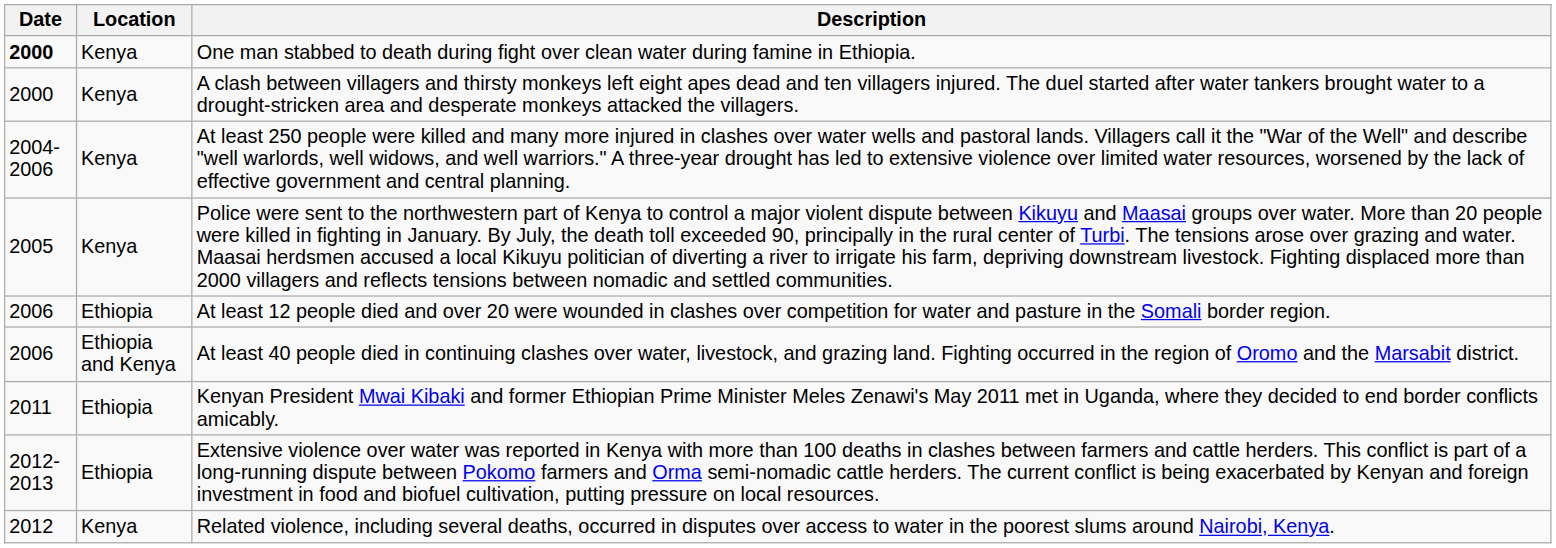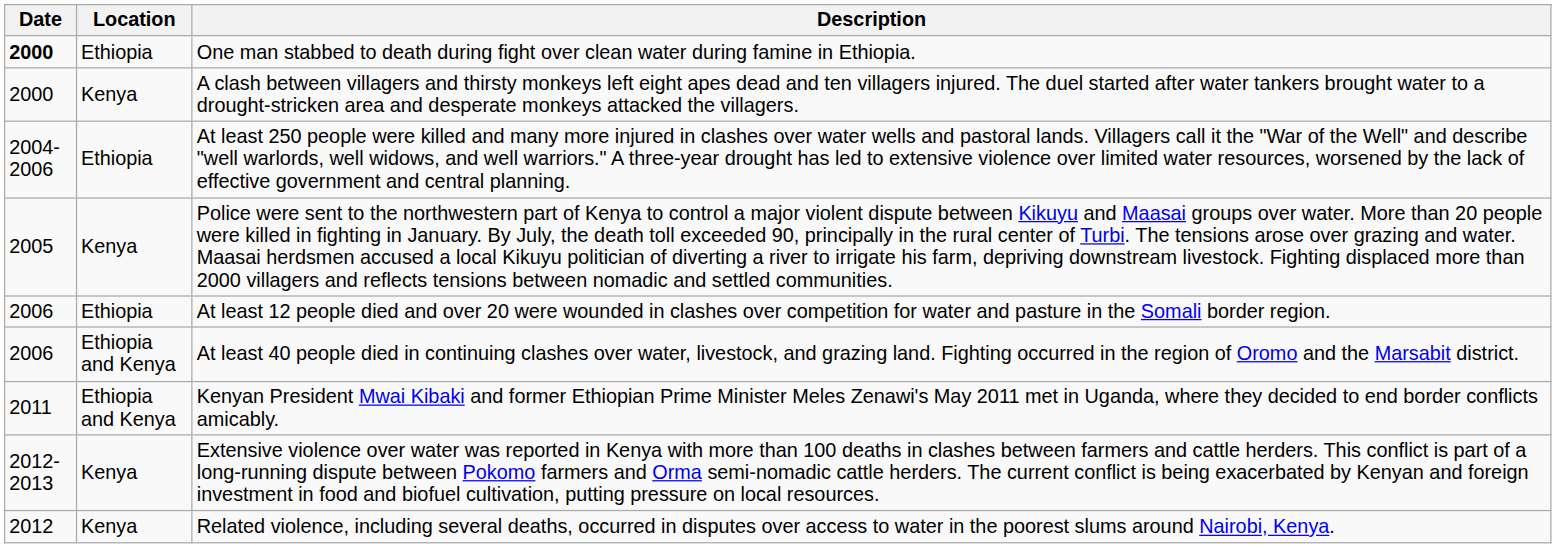 <table class="wikitable">
 <tr>
 <th>Date</th>
 <th>Location</th>
 <th>Description</th>
 </tr>
 <tr>
 <td><strong>2000</strong></td>
-<td>Kenya</td>
+<td>Ethiopia</td>
 <td>One man stabbed to death during fight over clean water during famine in Ethiopia.</td>
 </tr>
 <tr>
 <td>2000</td>
 <td>Kenya</td>
 <td>A clash between villagers and thirsty monkeys left eight apes dead and ten villagers injured. The duel started after water tankers brought water to a drought-stricken area and desperate monkeys attacked the villagers.</td>
 </tr>
 <tr>
 <td>2004-2006</td>
-<td>Kenya</td>
+<td>Ethiopia</td>
 <td>At least 250 people were killed and many more injured in clashes over water wells and pastoral lands. Villagers call it the "War of the Well" and describe "well warlords, well widows, and well warriors." A three-year drought has led to extensive violence over limited water resources, worsened by the lack of effective government and central planning.</td>
 </tr>
 <tr>
 <td>2005</td>
 <td>Kenya</td>
 <td>Police were sent to the northwestern part of Kenya to control a major violent dispute between <a href='#'>Kikuyu</a> and <a href='#'>Maasai</a> groups over water. More than 20 people were killed in fighting in January. By July, the death toll exceeded 90, principally in the rural center of <a href='#'>Turbi</a>. The tensions arose over grazing and water. Maasai herdsmen accused a local Kikuyu politician of diverting a river to irrigate his farm, depriving downstream livestock. Fighting displaced more than 2000 villagers and reflects tensions between nomadic and settled communities.</td>
 </tr>
 <tr>
 <td>2006</td>
 <td>Ethiopia</td>
 <td>At least 12 people died and over 20 were wounded in clashes over competition for water and pasture in the <a href='#'>Somali</a> border region.</td>
 </tr>
 <tr>
 <td>2006</td>
 <td>Ethiopia and Kenya</td>
 <td>At least 40 people died in continuing clashes over water, livestock, and grazing land. Fighting occurred in the region of <a href='#'>Oromo</a> and the <a href='#'>Marsabit</a> district.</td>
 </tr>
 <tr>
 <td>2011</td>
-<td>Ethiopia</td>
+<td>Ethiopia and Kenya</td>
 <td>Kenyan President <a href='#'>Mwai Kibaki</a> and former Ethiopian Prime Minister Meles Zenawi's May 2011 met in Uganda, where they decided to end border conflicts amicably.</td>
 </tr>
 <tr>
 <td>2012-2013</td>
-<td>Ethiopia</td>
+<td>Kenya</td>
 <td>Extensive violence over water was reported in Kenya with more than 100 deaths in clashes between farmers and cattle herders. This conflict is part of a long-running dispute between <a href='#'>Pokomo</a> farmers and <a href='#'>Orma</a> semi-nomadic cattle herders. The current conflict is being exacerbated by Kenyan and foreign investment in food and biofuel cultivation, putting pressure on local resources.</td>
 </tr>
 <tr>
 <td>2012</td>
 <td>Kenya</td>
 <td>Related violence, including several deaths, occurred in disputes over access to water in the poorest slums around <a href='#'>Nairobi, Kenya</a>.</td>
 </tr>
 </table>
